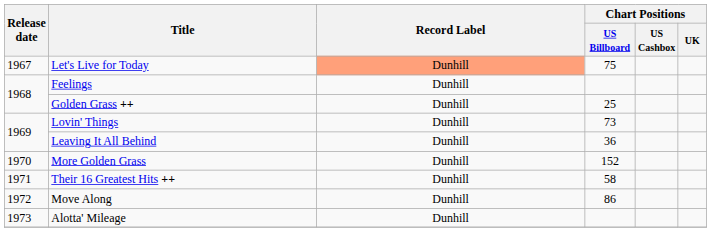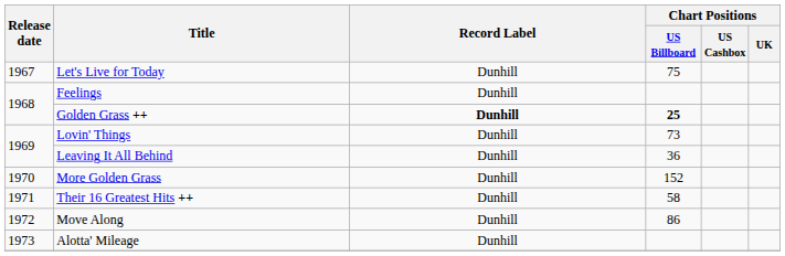 <table class="wikitable">
 <tr>
 <th width="20" rowspan="2">Release date</th>
 <th width="350" rowspan="2">Title</th>
 <th width="350" rowspan="2">Record Label</th>
 <th colspan="4">Chart Positions</th>
 </tr>
 <tr>
 <th width="60"><small><a href='#'>US Billboard</a></small></th>
 <th width="50"><small> US Cashbox </small></th>
 <th width="30"><small>UK</small></th>
 </tr>
 <tr>
 <td rowspan="1">1967</td>
 <td><a href='#'>Let's Live for Today</a></td>
-<td align="center" style="background: lightsalmon;">Dunhill</td>
+<td align="center">Dunhill</td>
 <td align="center">75</td>
 <td align="center"></td>
 <td align="center"></td>
 </tr>
 <tr>
 <td rowspan="2">1968</td>
 <td><a href='#'>Feelings</a></td>
 <td align="center">Dunhill</td>
 <td align="center"></td>
 <td align="center"></td>
 <td align="center"></td>
 </tr>
 <tr>
 <td><a href='#'>Golden Grass</a> <strong>++</strong></td>
-<td align="center">Dunhill</td>
-<td align="center">25</td>
+<td align="center"><strong>Dunhill</strong></td>
+<td align="center"><strong>25</strong></td>
 <td align="center"></td>
 <td align="center"></td>
 </tr>
 <tr>
 <td rowspan="2">1969</td>
 <td><a href='#'>Lovin' Things</a></td>
 <td align="center">Dunhill</td>
 <td align="center">73</td>
 <td align="center"></td>
 <td align="center"></td>
 </tr>
 <tr>
 <td><a href='#'>Leaving It All Behind</a></td>
 <td align="center">Dunhill</td>
 <td align="center">36</td>
 <td align="center"></td>
 <td align="center"></td>
 </tr>
 <tr>
 <td rowspan="1">1970</td>
 <td><a href='#'>More Golden Grass</a></td>
 <td align="center">Dunhill</td>
 <td align="center">152</td>
 <td align="center"></td>
 <td align="center"></td>
 </tr>
 <tr>
 <td rowspan="1">1971</td>
 <td><a href='#'>Their 16 Greatest Hits</a> <strong>++</strong></td>
 <td align="center">Dunhill</td>
 <td align="center">58</td>
 <td align="center"></td>
 <td align="center"></td>
 </tr>
 <tr>
 <td rowspan="1">1972</td>
 <td>Move Along</td>
 <td align="center">Dunhill</td>
 <td align="center">86</td>
 <td align="center"></td>
 <td align="center"></td>
 </tr>
 <tr>
 <td rowspan="1">1973</td>
 <td>Alotta' Mileage</td>
 <td align="center">Dunhill</td>
 <td align="center"></td>
 <td align="center"></td>
 <td align="center"></td>
 </tr>
 <tr>
 </tr>
 </table>
